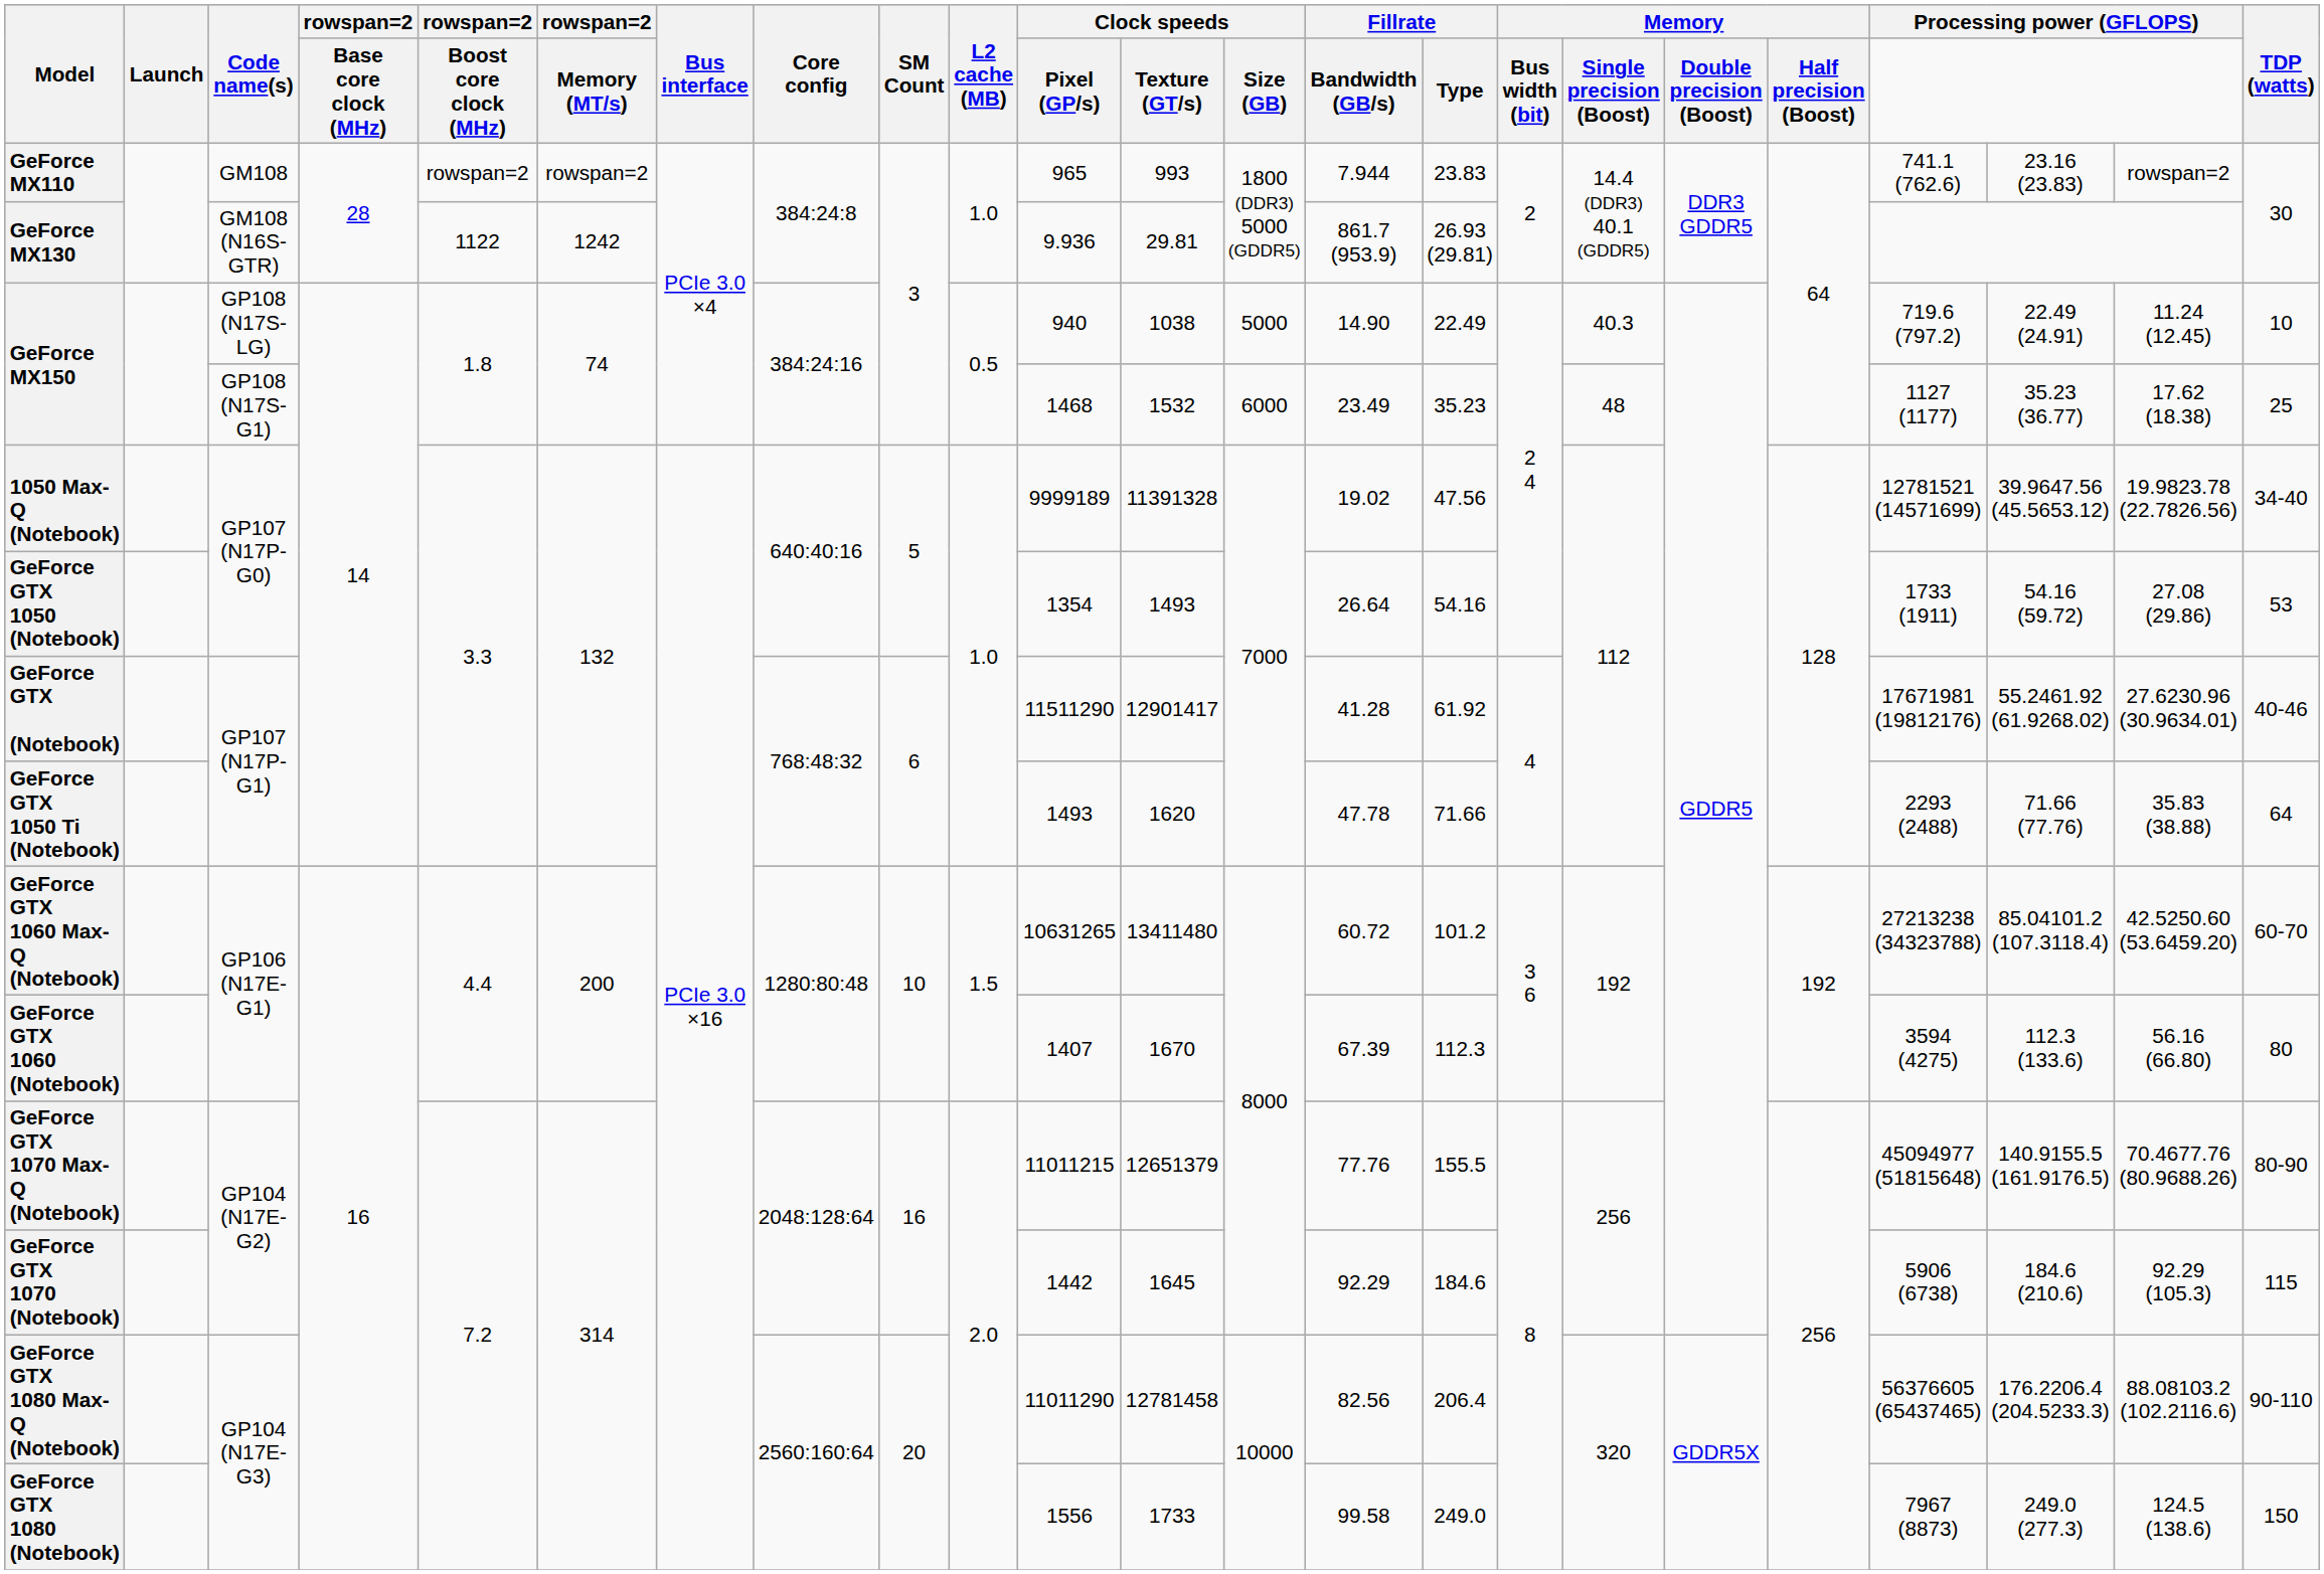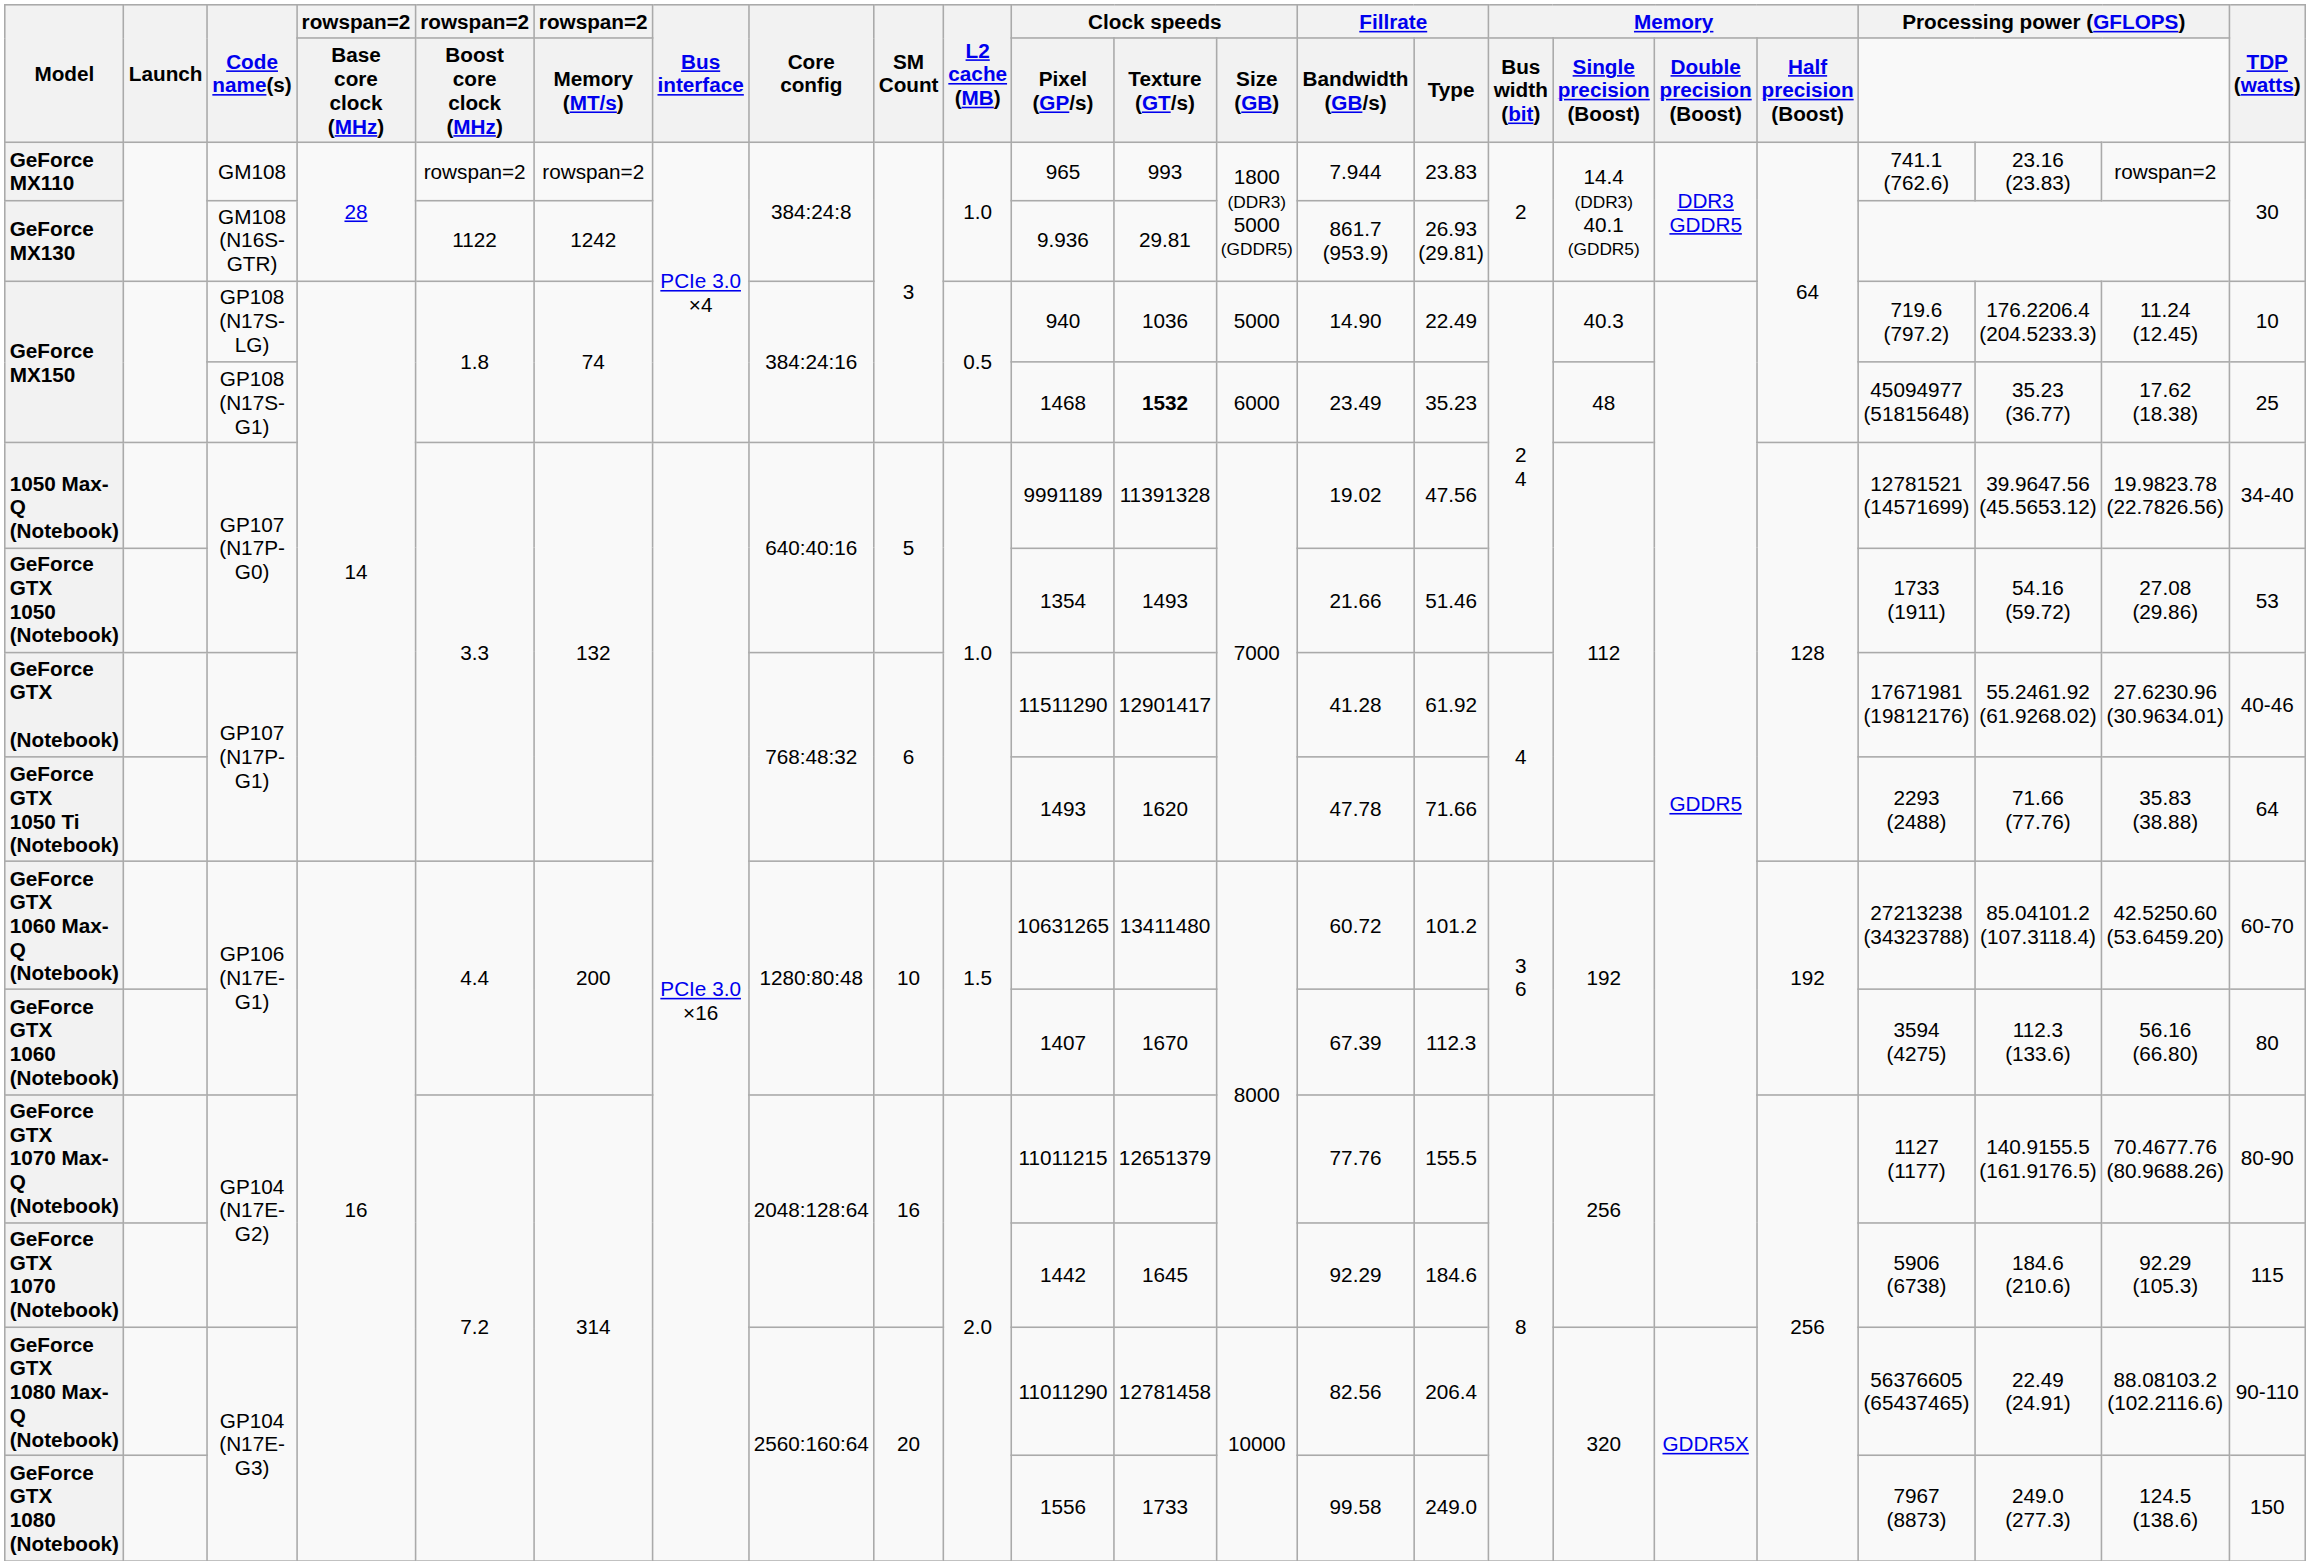 <table class="wikitable sortable mw-datatable sticky-table-head sticky-table-col1 sort-under-center" style="font-size:82%; text-align:center;">
 <tr>
 <th rowspan=2>Model</th>
 <th rowspan=2>Launch</th>
 <th rowspan=2><a href='#'>Code<br>name</a>(s)</th>
 <th>rowspan=2 </th>
 <th>rowspan=2 </th>
 <th>rowspan=2 </th>
 <th rowspan=2><a href='#'>Bus</a><br><a href='#'>interface</a></th>
 <th rowspan=2>Core<br>config</th>
 <th rowspan=2>SM<br>Count</th>
 <th rowspan=2><a href='#'>L2<br>cache</a><br>(<a href='#'>MB</a>)</th>
 <th colspan=3>Clock speeds</th>
 <th colspan=2><a href='#'>Fillrate</a></th>
 <th colspan=4><a href='#'>Memory</a></th>
 <th colspan=3>Processing power (<a href='#'>GFLOPS</a>)</th>
 <th rowspan=2><a href='#'>TDP</a><br>(<a href='#'>watts</a>)</th>
 </tr>
 <tr>
 <th>Base<br>core<br>clock<br>(<a href='#'>MHz</a>)</th>
 <th>Boost<br>core<br>clock<br>(<a href='#'>MHz</a>)</th>
 <th>Memory<br>(<a href='#'>MT/s</a>)</th>
 <th>Pixel<br>(<a href='#'>GP</a>/s)</th>
 <th>Texture<br>(<a href='#'>GT</a>/s)</th>
 <th>Size<br>(<a href='#'>GB</a>)</th>
 <th>Bandwidth<br>(<a href='#'>GB</a>/s)</th>
 <th>Type</th>
 <th>Bus<br>width<br>(<a href='#'>bit</a>)</th>
 <th><a href='#'>Single<br>precision</a><br>(Boost)</th>
 <th><a href='#'>Double<br>precision</a><br>(Boost)</th>
 <th><a href='#'>Half<br>precision</a><br>(Boost)</th>
 </tr>
 <tr>
 <th style="text-align:left;">GeForce<br>MX110</th>
 <td rowspan=2></td>
 <td>GM108<br></td>
 <td rowspan=2><a href='#'>28</a></td>
 <td>rowspan=2 </td>
 <td>rowspan=2 </td>
 <td rowspan=4><a href='#'>PCIe 3.0</a><br>×4</td>
 <td rowspan=2>384:24:8</td>
 <td rowspan=4>3</td>
 <td rowspan=2>1.0</td>
 <td>965</td>
 <td>993</td>
 <td rowspan=2>1800<br><small>(DDR3)</small><br>5000<br><small>(GDDR5)</small></td>
 <td>7.944</td>
 <td>23.83</td>
 <td rowspan=2>2</td>
 <td rowspan=2>14.4<br><small>(DDR3)</small><br>40.1<br><small>(GDDR5)</small></td>
 <td rowspan=2><a href='#'>DDR3</a><br><a href='#'>GDDR5</a></td>
 <td rowspan=4>64</td>
 <td>741.1<br>(762.6)</td>
 <td>23.16<br>(23.83)</td>
 <td>rowspan=2 </td>
 <td rowspan=2>30</td>
 </tr>
 <tr>
 <th style="text-align:left;">GeForce<br>MX130</th>
 <td>GM108<br>(N16S-GTR)</td>
 <td>1122</td>
 <td>1242</td>
 <td>9.936</td>
 <td>29.81</td>
 <td>861.7<br>(953.9)</td>
 <td>26.93<br>(29.81)</td>
 </tr>
 <tr>
 <th rowspan=2 style="text-align:left;">GeForce<br>MX150</th>
 <td rowspan=2></td>
 <td>GP108<br>(N17S-LG)</td>
 <td rowspan=6>14</td>
 <td rowspan=2>1.8</td>
 <td rowspan=2>74</td>
 <td rowspan=2>384:24:16</td>
 <td rowspan=2>0.5</td>
 <td>940</td>
-<td>1038</td>
+<td>1036</td>
 <td>5000</td>
 <td>14.90</td>
 <td>22.49</td>
 <td rowspan=4>2<br>4</td>
 <td>40.3</td>
 <td rowspan=10><a href='#'>GDDR5</a></td>
 <td>719.6<br>(797.2)</td>
-<td>22.49<br>(24.91)</td>
+<td>176.2206.4<br>(204.5233.3)</td>
 <td>11.24<br>(12.45)</td>
 <td>10</td>
 </tr>
 <tr>
 <td class="sticky-table-none">GP108<br>(N17S-G1)</td>
 <td>1468</td>
-<td>1532</td>
+<td><strong>1532</strong></td>
 <td>6000</td>
 <td>23.49</td>
 <td>35.23</td>
 <td>48</td>
-<td>1127<br>(1177)</td>
+<td>45094977<br>(51815648)</td>
 <td>35.23<br>(36.77)</td>
 <td>17.62<br>(18.38)</td>
 <td>25</td>
 </tr>
 <tr>
 <th style="text-align:left;"><br>1050 Max-Q<br>(Notebook)</th>
 <td></td>
 <td rowspan=2>GP107<br>(N17P-G0)</td>
 <td rowspan=4>3.3</td>
 <td rowspan=4>132</td>
 <td rowspan=10><a href='#'>PCIe 3.0</a><br>×16</td>
 <td rowspan=2>640:40:16</td>
 <td rowspan=2>5</td>
 <td rowspan=4>1.0</td>
-<td>9999189</td>
+<td>9991189</td>
 <td>11391328</td>
 <td rowspan=4>7000</td>
 <td>19.02</td>
 <td>47.56</td>
 <td rowspan=4>112</td>
 <td rowspan=4>128</td>
 <td>12781521<br>(14571699)</td>
 <td>39.9647.56<br>(45.5653.12)</td>
 <td>19.9823.78<br>(22.7826.56)</td>
 <td>34-40</td>
 </tr>
 <tr>
 <th style="text-align:left;">GeForce GTX<br>1050<br>(Notebook)</th>
 <td></td>
 <td>1354</td>
 <td>1493</td>
-<td>26.64</td>
-<td>54.16</td>
+<td>21.66</td>
+<td>51.46</td>
 <td>1733<br>(1911)</td>
 <td>54.16<br>(59.72)</td>
 <td>27.08<br>(29.86)</td>
 <td>53</td>
 </tr>
 <tr>
 <th style="text-align:left;">GeForce GTX<br><br>(Notebook)</th>
 <td></td>
 <td rowspan=2>GP107<br>(N17P-G1)</td>
 <td rowspan=2>768:48:32</td>
 <td rowspan=2>6</td>
 <td>11511290</td>
 <td>12901417</td>
 <td>41.28</td>
 <td>61.92</td>
 <td rowspan=2>4</td>
 <td>17671981<br>(19812176)</td>
 <td>55.2461.92<br>(61.9268.02)</td>
 <td>27.6230.96<br>(30.9634.01)</td>
 <td>40-46</td>
 </tr>
 <tr>
 <th style="text-align:left;">GeForce GTX<br>1050 Ti<br>(Notebook)</th>
 <td></td>
 <td>1493</td>
 <td>1620</td>
 <td>47.78</td>
 <td>71.66</td>
 <td>2293<br>(2488)</td>
 <td>71.66<br>(77.76)</td>
 <td>35.83<br>(38.88)</td>
 <td>64</td>
 </tr>
 <tr>
 <th style="text-align:left;">GeForce GTX<br>1060 Max-Q<br>(Notebook)</th>
 <td></td>
 <td rowspan=2>GP106<br>(N17E-G1)</td>
 <td rowspan=6>16</td>
 <td rowspan=2>4.4</td>
 <td rowspan=2>200</td>
 <td rowspan=2>1280:80:48</td>
 <td rowspan=2>10</td>
 <td rowspan=2>1.5</td>
 <td>10631265</td>
 <td>13411480</td>
 <td rowspan=4>8000</td>
 <td>60.72</td>
 <td>101.2</td>
 <td rowspan=2>3<br>6</td>
 <td rowspan=2>192</td>
 <td rowspan=2>192</td>
 <td>27213238<br>(34323788)</td>
 <td>85.04101.2<br>(107.3118.4)</td>
 <td>42.5250.60<br>(53.6459.20)</td>
 <td>60-70</td>
 </tr>
 <tr>
 <th style="text-align:left;">GeForce GTX<br>1060<br>(Notebook)</th>
 <td></td>
 <td>1407</td>
 <td>1670</td>
 <td>67.39</td>
 <td>112.3</td>
 <td>3594<br>(4275)</td>
 <td>112.3<br>(133.6)</td>
 <td>56.16<br>(66.80)</td>
 <td>80</td>
 </tr>
 <tr>
 <th style="text-align:left;">GeForce GTX<br>1070 Max-Q<br>(Notebook)</th>
 <td></td>
 <td rowspan=2>GP104<br>(N17E-G2)</td>
 <td rowspan=4>7.2</td>
 <td rowspan=4>314</td>
 <td rowspan=2>2048:128:64</td>
 <td rowspan=2>16</td>
 <td rowspan=4>2.0</td>
 <td>11011215</td>
 <td>12651379</td>
 <td>77.76</td>
 <td>155.5</td>
 <td rowspan=4>8</td>
 <td rowspan=2>256</td>
 <td rowspan=4>256</td>
-<td>45094977<br>(51815648)</td>
+<td>1127<br>(1177)</td>
 <td>140.9155.5<br>(161.9176.5)</td>
 <td>70.4677.76<br>(80.9688.26)</td>
 <td>80-90</td>
 </tr>
 <tr>
 <th style="text-align:left;">GeForce GTX<br>1070<br>(Notebook)</th>
 <td></td>
 <td>1442</td>
 <td>1645</td>
 <td>92.29</td>
 <td>184.6</td>
 <td>5906<br>(6738)</td>
 <td>184.6<br>(210.6)</td>
 <td>92.29<br>(105.3)</td>
 <td>115</td>
 </tr>
 <tr>
 <th style="text-align:left;">GeForce GTX<br>1080 Max-Q<br>(Notebook)</th>
 <td></td>
 <td rowspan=2>GP104<br>(N17E-G3)</td>
 <td rowspan=2>2560:160:64</td>
 <td rowspan=2>20</td>
 <td>11011290</td>
 <td>12781458</td>
 <td rowspan=2>10000</td>
 <td>82.56</td>
 <td>206.4</td>
 <td rowspan=2>320</td>
 <td rowspan=2><a href='#'>GDDR5X</a></td>
 <td>56376605<br>(65437465)</td>
-<td>176.2206.4<br>(204.5233.3)</td>
+<td>22.49<br>(24.91)</td>
 <td>88.08103.2<br>(102.2116.6)</td>
 <td>90-110</td>
 </tr>
 <tr>
 <th style="text-align:left;">GeForce GTX<br>1080<br>(Notebook)</th>
 <td></td>
 <td>1556</td>
 <td>1733</td>
 <td>99.58</td>
 <td>249.0</td>
 <td>7967<br>(8873)</td>
 <td>249.0<br>(277.3)</td>
 <td>124.5<br>(138.6)</td>
 <td>150</td>
 </tr>
 </table>
